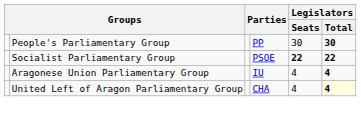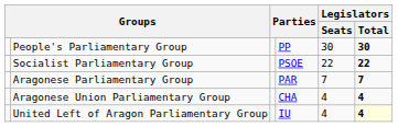 <table class="wikitable" style="text-align:left;">
 <tr>
 <th rowspan="2" colspan="2">Groups</th>
 <th rowspan="2" colspan="2">Parties</th>
 <th colspan="2">Legislators</th>
 </tr>
 <tr>
 <th>Seats</th>
 <th>Total</th>
 </tr>
 <tr>
 <td width="1" style="color:inherit;background:"></td>
 <td>People's Parliamentary Group</td>
 <td width="1" style="color:inherit;background:"></td>
 <td><a href='#'>PP</a></td>
 <td>30</td>
 <td><strong>30</strong></td>
 </tr>
 <tr>
 <td style="color:inherit;background:"></td>
 <td>Socialist Parliamentary Group</td>
 <td style="color:inherit;background:"></td>
 <td><a href='#'>PSOE</a></td>
+<td>22</td>
 <td><strong>22</strong></td>
-<td><strong>22</strong></td>
+</tr>
+<tr>
+<td style="color:inherit;background:"></td>
+<td>Aragonese Parliamentary Group</td>
+<td style="color:inherit;background:"></td>
+<td><a href='#'>PAR</a></td>
+<td>7</td>
+<td><strong>7</strong></td>
 </tr>
 <tr>
 <td style="color:inherit;background:"></td>
 <td>Aragonese Union Parliamentary Group</td>
 <td style="color:inherit;background:"></td>
-<td><a href='#'>IU</a></td>
+<td><a href='#'>CHA</a></td>
 <td>4</td>
 <td><strong>4</strong></td>
 </tr>
 <tr>
 <td style="color:inherit;background:"></td>
 <td>United Left of Aragon Parliamentary Group</td>
 <td style="color:inherit;background:"></td>
-<td><a href='#'>CHA</a></td>
+<td><a href='#'>IU</a></td>
 <td>4</td>
 <td style="background: lightyellow;"><strong>4</strong></td>
 </tr>
 </table>
